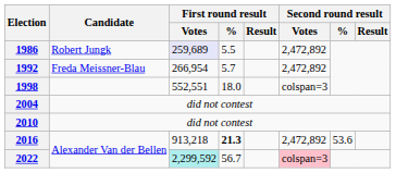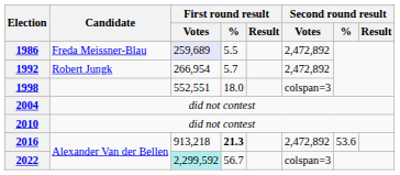 <table class="wikitable" style="font-size:97%;">
 <tr>
 <th rowspan="2">Election</th>
 <th rowspan="2">Candidate</th>
 <th colspan=3>First round result</th>
 <th colspan=3>Second round result</th>
 </tr>
 <tr>
 <th>Votes</th>
 <th>%</th>
 <th>Result</th>
 <th>Votes</th>
 <th>%</th>
 <th>Result</th>
 </tr>
 <tr>
 <th><a href='#'>1986</a></th>
-<td><a href='#'>Robert Jungk</a></td>
+<td><a href='#'>Freda Meissner-Blau</a></td>
 <td style="background: lavender;">259,689</td>
 <td>5.5</td>
 <td></td>
 <td>2,472,892</td>
 </tr>
 <tr>
 <th><a href='#'>1992</a></th>
-<td><a href='#'>Freda Meissner-Blau</a></td>
+<td><a href='#'>Robert Jungk</a></td>
 <td>266,954</td>
 <td>5.7</td>
 <td></td>
 <td>2,472,892</td>
 </tr>
 <tr>
 <th><a href='#'>1998</a></th>
 <td></td>
 <td>552,551</td>
 <td>18.0</td>
 <td></td>
 <td>colspan=3 </td>
 </tr>
 <tr>
 <th><a href='#'>2004</a></th>
 <td colspan=7 align="center"><em>did not contest</em></td>
 </tr>
 <tr>
 <th><a href='#'>2010</a></th>
 <td colspan=7 align="center"><em>did not contest</em></td>
 </tr>
 <tr>
 <th><a href='#'>2016</a></th>
 <td rowspan=2><a href='#'>Alexander Van der Bellen</a></td>
 <td>913,218</td>
 <td><strong>21.3</strong></td>
 <td></td>
 <td>2,472,892</td>
 <td>53.6</td>
 <td></td>
 </tr>
 <tr>
 <th><a href='#'>2022</a></th>
 <td style="background: paleturquoise;">2,299,592</td>
 <td>56.7</td>
 <td></td>
-<td style="background: pink;">colspan=3 </td>
+<td>colspan=3 </td>
 </tr>
 </table>
